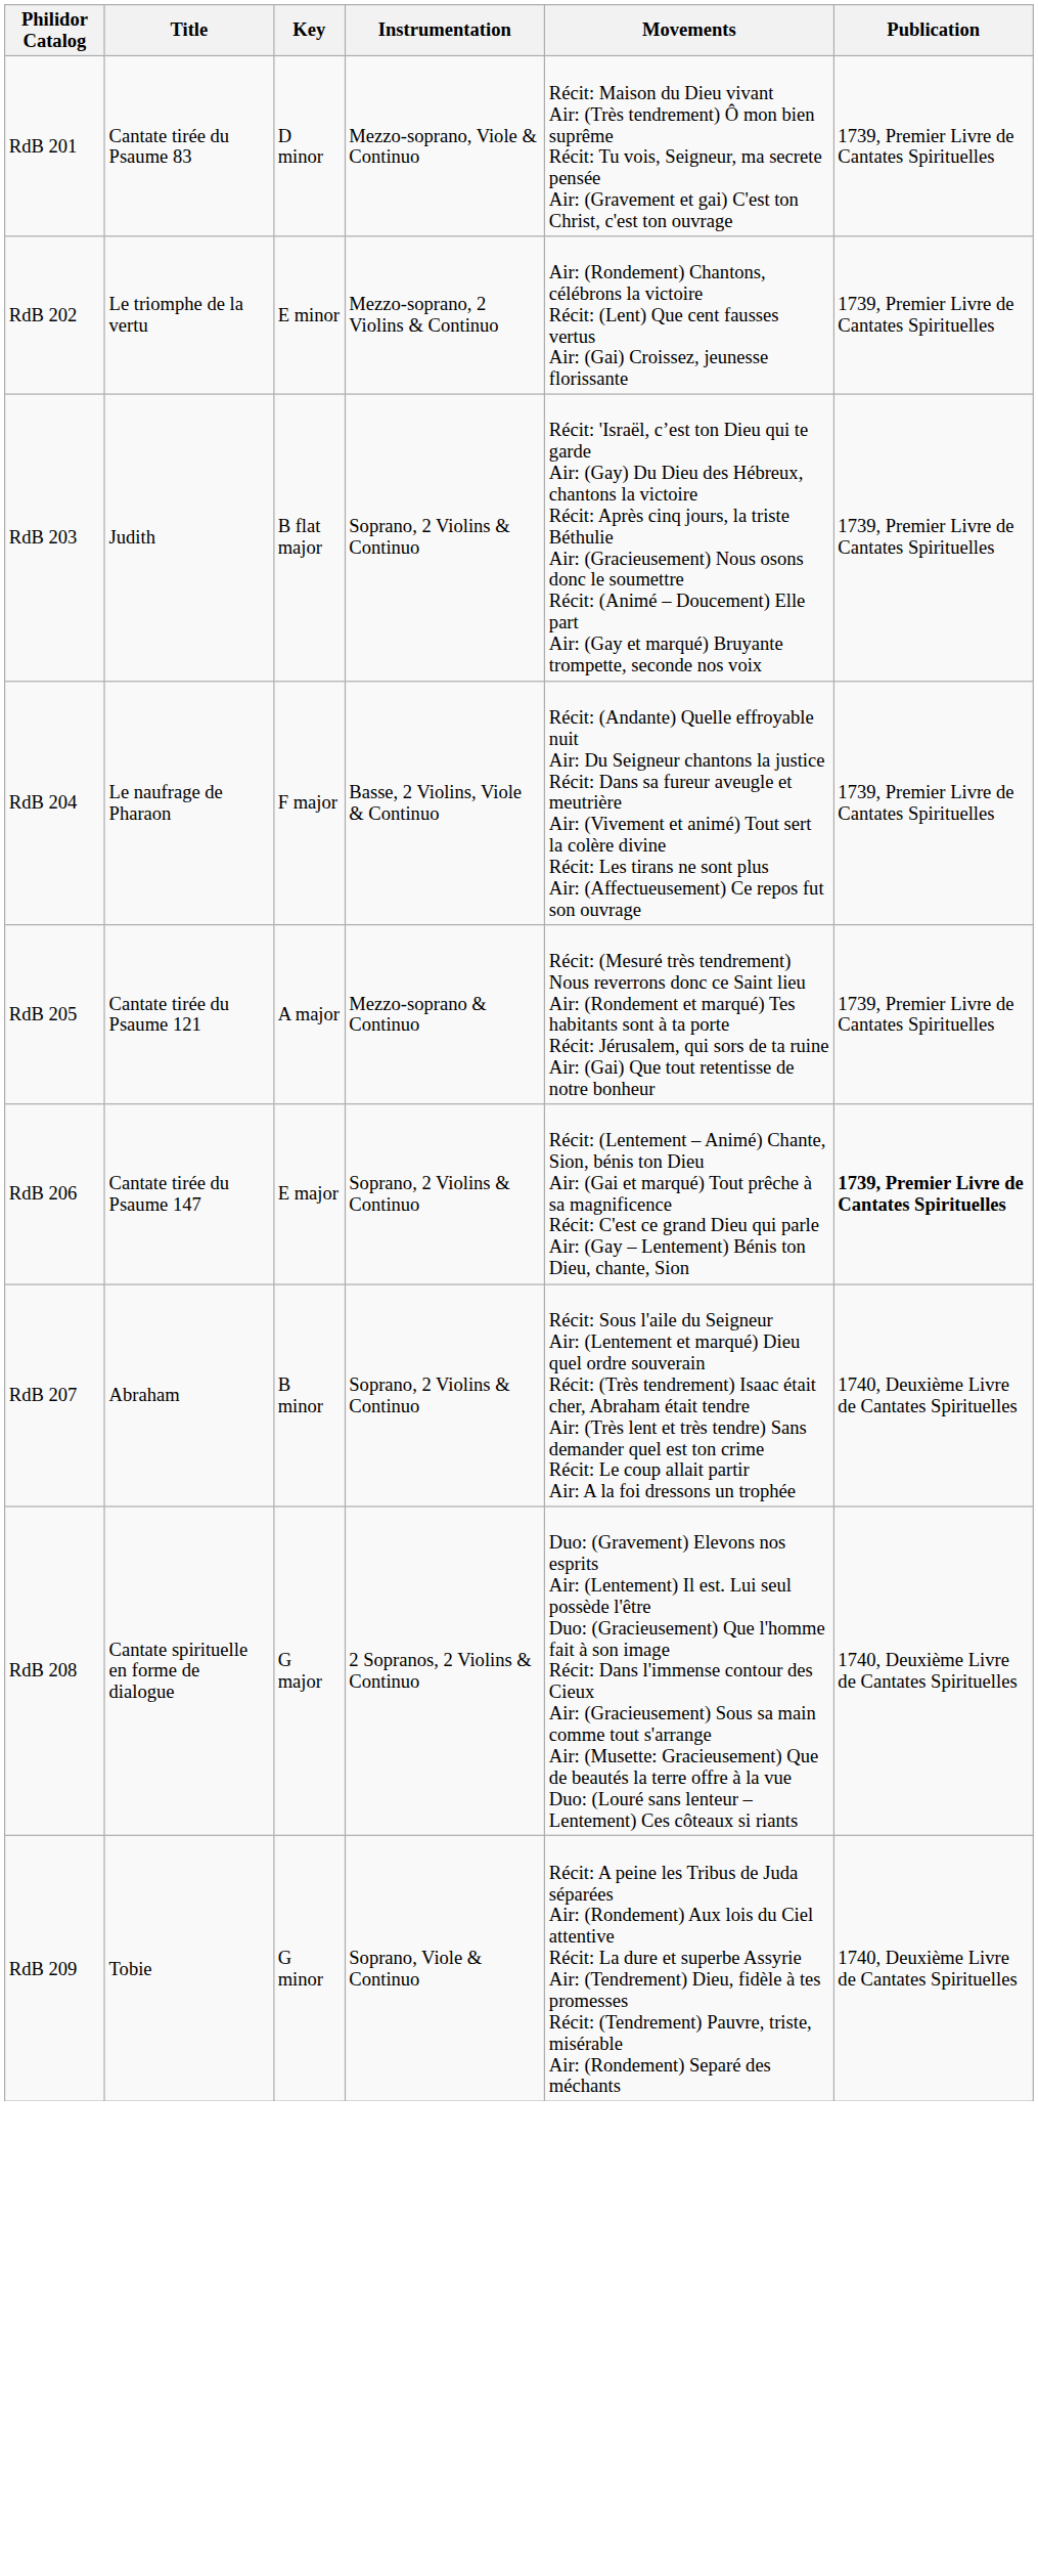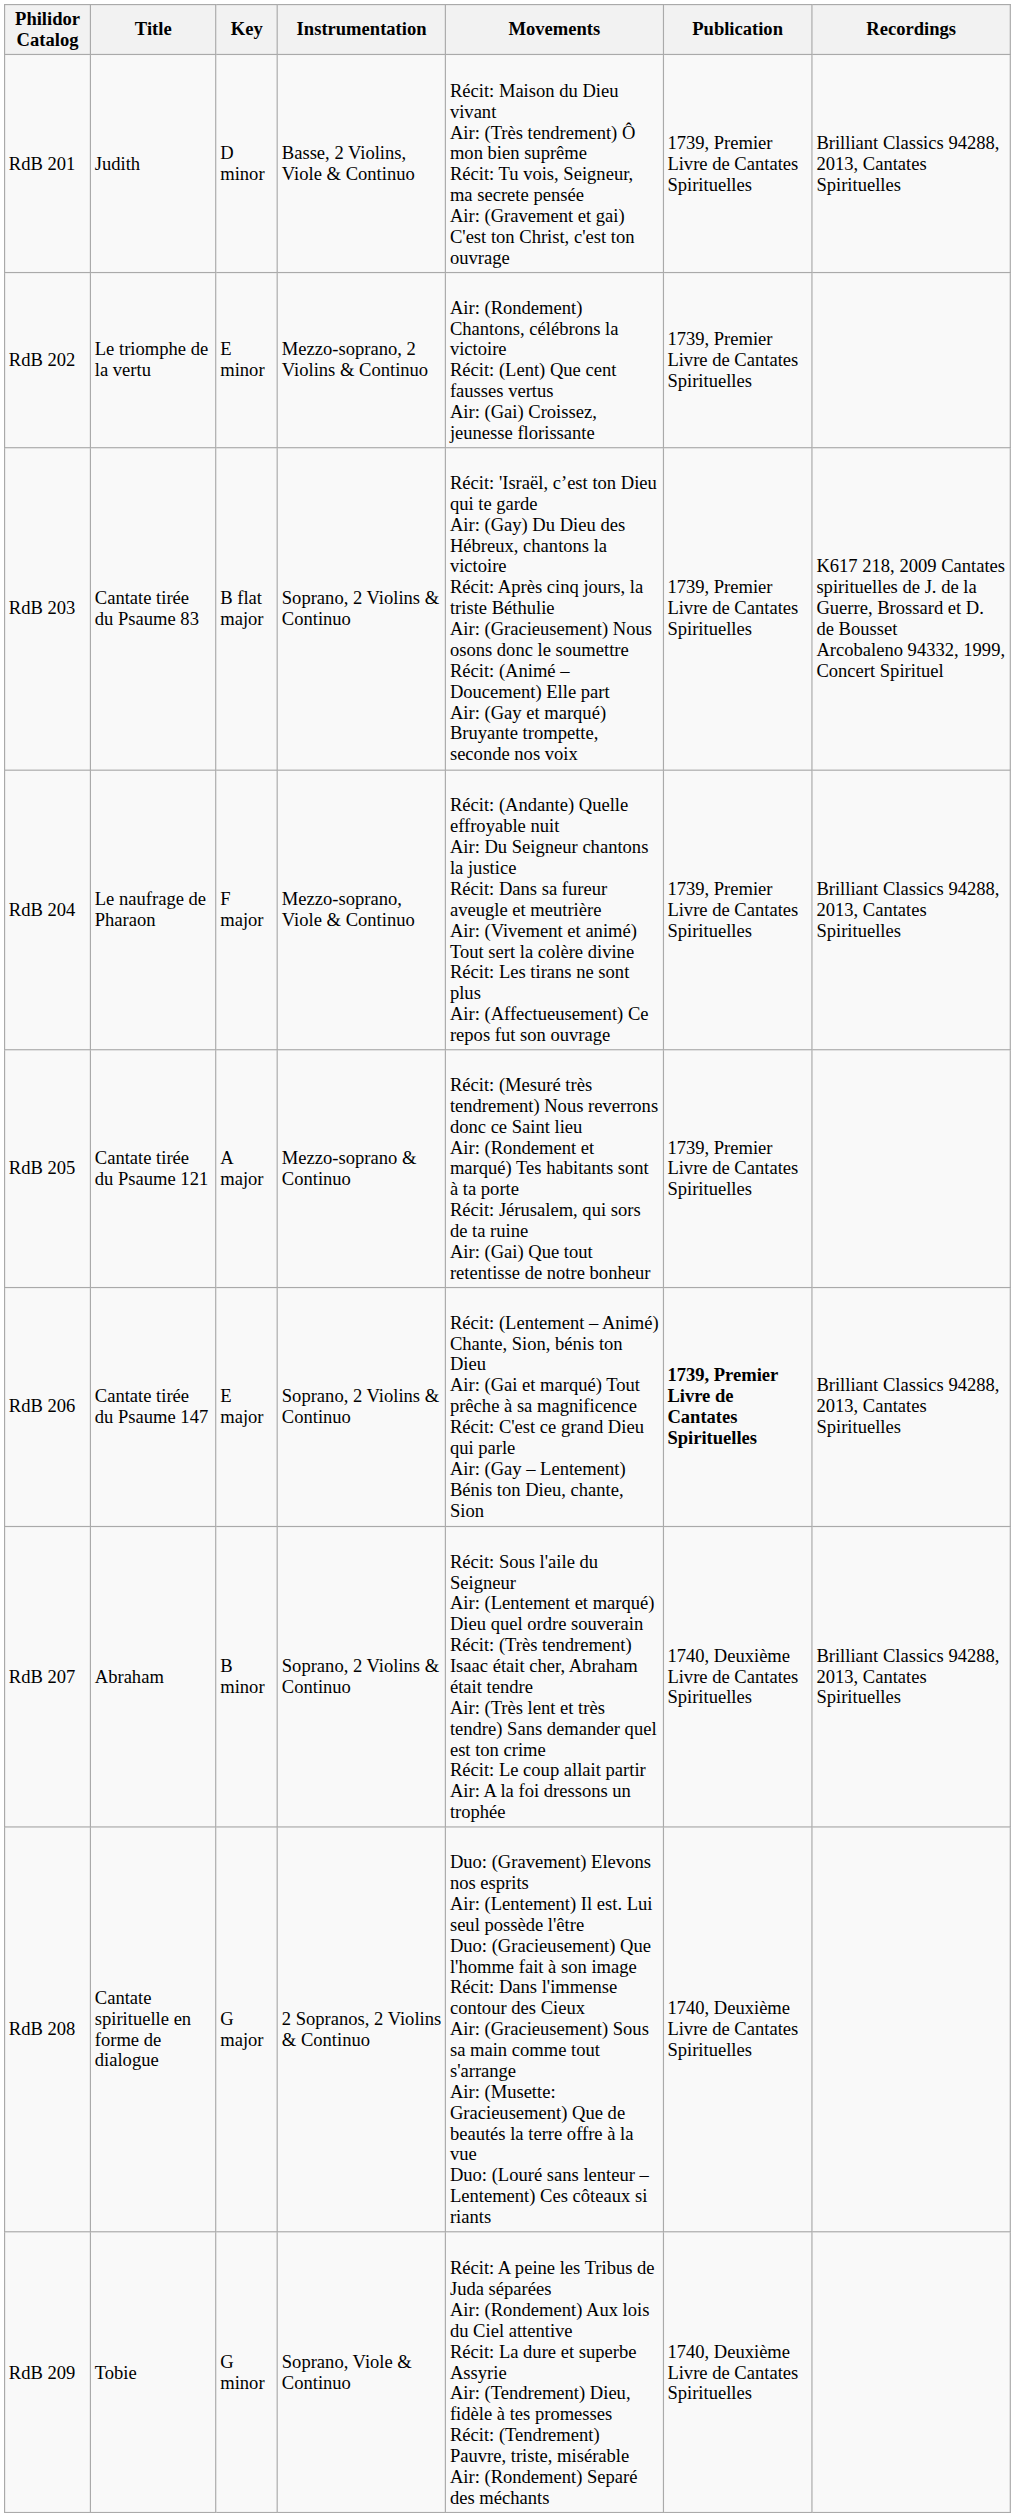 <table class="wikitable">
 <tr>
 <th>Philidor Catalog</th>
 <th>Title</th>
 <th>Key</th>
 <th>Instrumentation</th>
 <th>Movements</th>
 <th>Publication</th>
+<th>Recordings</th>
 </tr>
 <tr>
 <td>RdB 201</td>
-<td>Cantate tirée du Psaume 83</td>
+<td>Judith</td>
 <td>D minor</td>
-<td>Mezzo-soprano, Viole & Continuo</td>
+<td>Basse, 2 Violins, Viole & Continuo</td>
 <td><br>Récit: Maison du Dieu vivant<br> Air: (Très tendrement) Ô mon bien suprême<br> Récit: Tu vois, Seigneur, ma secrete pensée<br> Air: (Gravement et gai) C'est ton Christ, c'est ton ouvrage</td>
 <td>1739, Premier Livre de Cantates Spirituelles</td>
+<td>Brilliant Classics 94288, 2013, Cantates Spirituelles</td>
 </tr>
 <tr>
 <td>RdB 202</td>
 <td>Le triomphe de la vertu</td>
 <td>E minor</td>
 <td>Mezzo-soprano, 2 Violins & Continuo</td>
 <td><br>Air: (Rondement) Chantons, célébrons la victoire<br> Récit: (Lent) Que cent fausses vertus<br> Air: (Gai) Croissez, jeunesse florissante</td>
 <td>1739, Premier Livre de Cantates Spirituelles</td>
+<td></td>
 </tr>
 <tr>
 <td>RdB 203</td>
-<td>Judith</td>
+<td>Cantate tirée du Psaume 83</td>
 <td>B flat major</td>
 <td>Soprano, 2 Violins & Continuo</td>
 <td><br>Récit: 'Israël, c’est ton Dieu qui te garde<br> Air: (Gay) Du Dieu des Hébreux, chantons la victoire<br> Récit: Après cinq jours, la triste Béthulie<br> Air: (Gracieusement) Nous osons donc le soumettre<br> Récit: (Animé – Doucement) Elle part<br> Air: (Gay et marqué) Bruyante trompette, seconde nos voix</td>
 <td>1739, Premier Livre de Cantates Spirituelles</td>
+<td><br>K617 218, 2009 Cantates spirituelles de J. de la Guerre, Brossard et D. de Bousset<br> Arcobaleno 94332, 1999, Concert Spirituel</td>
 </tr>
 <tr>
 <td>RdB 204</td>
 <td>Le naufrage de Pharaon</td>
 <td>F major</td>
-<td>Basse, 2 Violins, Viole & Continuo</td>
+<td>Mezzo-soprano, Viole & Continuo</td>
 <td><br>Récit: (Andante) Quelle effroyable nuit<br> Air: Du Seigneur chantons la justice<br> Récit: Dans sa fureur aveugle et meutrière<br> Air: (Vivement et animé) Tout sert la colère divine<br> Récit: Les tirans ne sont plus<br> Air: (Affectueusement) Ce repos fut son ouvrage</td>
 <td>1739, Premier Livre de Cantates Spirituelles</td>
+<td>Brilliant Classics 94288, 2013, Cantates Spirituelles</td>
 </tr>
 <tr>
 <td>RdB 205</td>
 <td>Cantate tirée du Psaume 121</td>
 <td>A major</td>
 <td>Mezzo-soprano & Continuo</td>
 <td><br>Récit: (Mesuré très tendrement) Nous reverrons donc ce Saint lieu<br> Air: (Rondement et marqué) Tes habitants sont à ta porte<br> Récit: Jérusalem, qui sors de ta ruine<br> Air: (Gai) Que tout retentisse de notre bonheur</td>
 <td>1739, Premier Livre de Cantates Spirituelles</td>
+<td></td>
 </tr>
 <tr>
 <td>RdB 206</td>
 <td>Cantate tirée du Psaume 147</td>
 <td>E major</td>
 <td>Soprano, 2 Violins & Continuo</td>
 <td><br>Récit: (Lentement – Animé) Chante, Sion, bénis ton Dieu<br> Air: (Gai et marqué) Tout prêche à sa magnificence<br> Récit: C'est ce grand Dieu qui parle<br> Air: (Gay – Lentement) Bénis ton Dieu, chante, Sion</td>
 <td><strong>1739, Premier Livre de Cantates Spirituelles</strong></td>
+<td>Brilliant Classics 94288, 2013, Cantates Spirituelles</td>
 </tr>
 <tr>
 <td>RdB 207</td>
 <td>Abraham</td>
 <td>B minor</td>
 <td>Soprano, 2 Violins & Continuo</td>
 <td><br>Récit: Sous l'aile du Seigneur<br> Air: (Lentement et marqué) Dieu quel ordre souverain<br> Récit: (Très tendrement) Isaac était cher, Abraham était tendre<br> Air: (Très lent et très tendre) Sans demander quel est ton crime<br> Récit: Le coup allait partir<br> Air: A la foi dressons un trophée</td>
 <td>1740, Deuxième Livre de Cantates Spirituelles</td>
+<td>Brilliant Classics 94288, 2013, Cantates Spirituelles</td>
 </tr>
 <tr>
 <td>RdB 208</td>
 <td>Cantate spirituelle en forme de dialogue</td>
 <td>G major</td>
 <td>2 Sopranos, 2 Violins & Continuo</td>
 <td><br>Duo: (Gravement) Elevons nos esprits<br> Air: (Lentement) Il est. Lui seul possède l'être<br> Duo: (Gracieusement) Que l'homme fait à son image<br> Récit: Dans l'immense contour des Cieux<br> Air: (Gracieusement) Sous sa main comme tout s'arrange<br> Air: (Musette: Gracieusement) Que de beautés la terre offre à la vue<br> Duo: (Louré sans lenteur – Lentement) Ces côteaux si riants</td>
 <td>1740, Deuxième Livre de Cantates Spirituelles</td>
+<td></td>
 </tr>
 <tr>
 <td>RdB 209</td>
 <td>Tobie</td>
 <td>G minor</td>
 <td>Soprano, Viole & Continuo</td>
 <td><br>Récit: A peine les Tribus de Juda séparées<br> Air: (Rondement) Aux lois du Ciel attentive<br> Récit: La dure et superbe Assyrie<br> Air: (Tendrement) Dieu, fidèle à tes promesses<br> Récit: (Tendrement) Pauvre, triste, misérable<br> Air: (Rondement) Separé des méchants</td>
 <td>1740, Deuxième Livre de Cantates Spirituelles</td>
+<td></td>
 </tr>
 </table>
